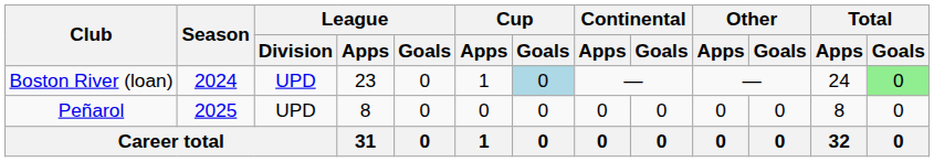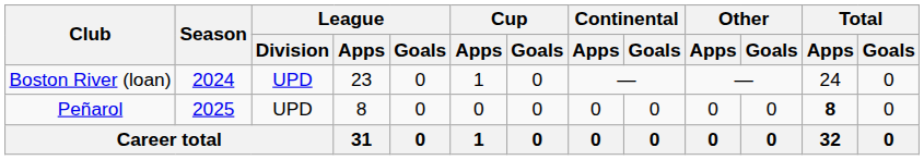 <table class="wikitable" style="text-align: center;">
 <tr>
 <th rowspan="2">Club</th>
 <th rowspan="2">Season</th>
 <th colspan="3">League</th>
 <th colspan="2">Cup</th>
 <th colspan="2">Continental</th>
 <th colspan="2">Other</th>
 <th colspan="2">Total</th>
 </tr>
 <tr>
 <th>Division</th>
 <th>Apps</th>
 <th>Goals</th>
 <th>Apps</th>
 <th>Goals</th>
 <th>Apps</th>
 <th>Goals</th>
 <th>Apps</th>
 <th>Goals</th>
 <th>Apps</th>
 <th>Goals</th>
 </tr>
 <tr>
 <td rowspan="1"><a href='#'>Boston River</a> (loan)</td>
 <td><a href='#'>2024</a></td>
 <td><a href='#'>UPD</a></td>
 <td>23</td>
 <td>0</td>
 <td>1</td>
-<td style="background: lightblue;">0</td>
+<td>0</td>
 <td colspan="2">—</td>
 <td colspan="2">—</td>
 <td>24</td>
-<td style="background: lightgreen;">0</td>
+<td>0</td>
 </tr>
 <tr>
 <td rowspan="1"><a href='#'>Peñarol</a></td>
 <td><a href='#'>2025</a></td>
 <td>UPD</td>
 <td>8</td>
 <td>0</td>
 <td>0</td>
 <td>0</td>
 <td>0</td>
 <td>0</td>
 <td>0</td>
 <td>0</td>
-<td>8</td>
+<td><strong>8</strong></td>
 <td>0</td>
 </tr>
 <tr>
 <th colspan="3">Career total</th>
 <th>31</th>
 <th>0</th>
 <th>1</th>
 <th>0</th>
 <th>0</th>
 <th>0</th>
 <th>0</th>
 <th>0</th>
 <th>32</th>
 <th>0</th>
 </tr>
 </table>
